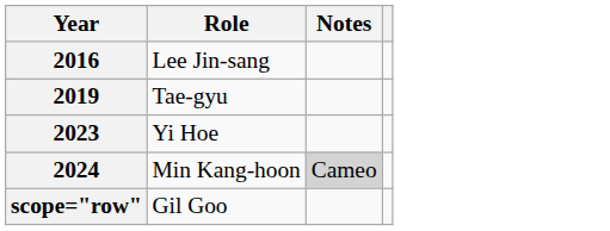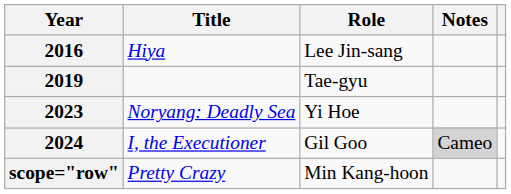 <table class="wikitable plainrowheaders sortable">
 <tr>
 <th scope="col">Year</th>
+<th scope="col">Title</th>
 <th scope="col">Role</th>
 <th scope="col">Notes</th>
 <th scope="col" class="unsortable"></th>
 </tr>
 <tr>
 <th scope="row">2016</th>
+<td><a href='#'><em>Hiya</em></a></td>
 <td>Lee Jin-sang</td>
 <td></td>
 <td style="text-align:center"></td>
 </tr>
 <tr>
 <th scope="row">2019</th>
+<td><em></em></td>
 <td>Tae-gyu</td>
 <td></td>
 <td style="text-align:center"></td>
 </tr>
 <tr>
 <th scope="row">2023</th>
+<td><em><a href='#'>Noryang: Deadly Sea</a></em></td>
 <td>Yi Hoe</td>
 <td></td>
 <td style="text-align:center"></td>
 </tr>
 <tr>
 <th scope="row">2024</th>
-<td>Min Kang-hoon</td>
+<td><em><a href='#'>I, the Executioner</a></em></td>
+<td>Gil Goo</td>
 <td style="background: lightgrey;">Cameo</td>
 <td style="text-align:center"></td>
 </tr>
 <tr>
 <th>scope="row" </th>
-<td>Gil Goo</td>
+<td><em><a href='#'>Pretty Crazy</a></em></td>
+<td>Min Kang-hoon</td>
 <td></td>
 <td style="text-align:center"></td>
 </tr>
 </table>
